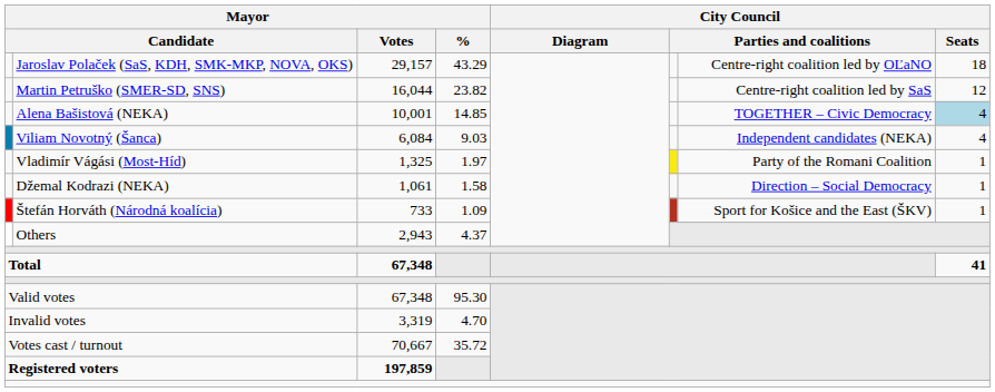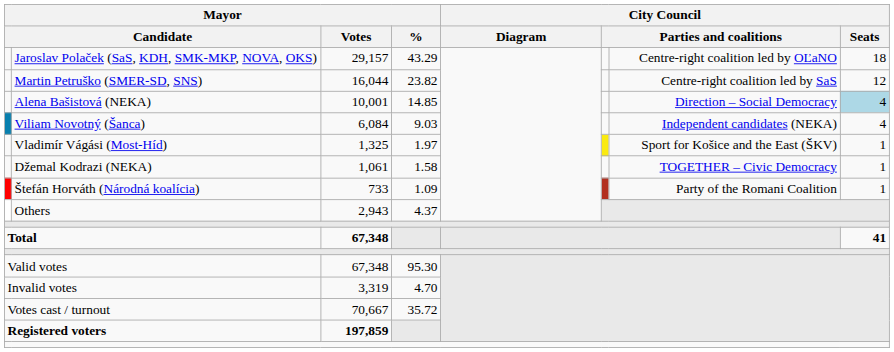 <table class="wikitable" style="text-align:right; font-size:97%;">
 <tr>
 <th colspan="4" width="500">Mayor</th>
 <th colspan="4" width="500">City Council</th>
 </tr>
 <tr>
 <th colspan="2" width="325">Candidate</th>
 <th width="75">Votes</th>
 <th width="50">%</th>
 <th width="180">Diagram</th>
 <th colspan="2" width="270">Parties and coalitions</th>
 <th width="50">Seats</th>
 </tr>
 <tr>
 <td width="1" style="color:inherit;background:"></td>
 <td align="left"><a href='#'>Jaroslav Polaček</a> (<a href='#'>SaS</a>, <a href='#'>KDH</a>, <a href='#'>SMK-MKP</a>, <a href='#'>NOVA</a>, <a href='#'>OKS</a>)</td>
 <td>29,157</td>
 <td>43.29</td>
 <td rowspan="8"></td>
 <td width="1" style="color:inherit;background:"></td>
 <td>Centre-right coalition led by <a href='#'>OĽaNO</a></td>
 <td>18</td>
 </tr>
 <tr>
 <td width="1" style="color:inherit;background:"></td>
 <td align="left"><a href='#'>Martin Petruško</a> (<a href='#'>SMER-SD</a>, <a href='#'>SNS</a>)</td>
 <td>16,044</td>
 <td>23.82</td>
 <td width="1" style="color:inherit;background:"></td>
 <td>Centre-right coalition led by <a href='#'>SaS</a></td>
 <td>12</td>
 </tr>
 <tr>
 <td width="1" style="color:inherit;background:"></td>
 <td align="left"><a href='#'>Alena Bašistová</a> (NEKA)</td>
 <td>10,001</td>
 <td>14.85</td>
 <td width="1" style="color:inherit;background:"></td>
-<td><a href='#'>TOGETHER – Civic Democracy</a></td>
+<td><a href='#'>Direction – Social Democracy</a></td>
 <td style="background: lightblue;">4</td>
 </tr>
 <tr>
 <td width="1" style="color:inherit;background:#087fae"></td>
 <td align="left"><a href='#'>Viliam Novotný</a> (<a href='#'>Šanca</a>)</td>
 <td>6,084</td>
 <td>9.03</td>
 <td width="1" style="color:inherit;background:"></td>
 <td><a href='#'>Independent candidates</a> (NEKA)</td>
 <td>4</td>
 </tr>
 <tr>
 <td width="1" style="color:inherit;background:"></td>
 <td align="left">Vladimír Vágási (<a href='#'>Most-Híd</a>)</td>
 <td>1,325</td>
 <td>1.97</td>
 <td width="1" style="color:inherit;background:#FAEA0F"></td>
-<td>Party of the Romani Coalition</td>
+<td>Sport for Košice and the East (ŠKV)</td>
 <td>1</td>
 </tr>
 <tr>
 <td width="1" style="color:inherit;background:"></td>
 <td align="left">Džemal Kodrazi (NEKA)</td>
 <td>1,061</td>
 <td>1.58</td>
 <td width="1" style="color:inherit;background:"></td>
-<td><a href='#'>Direction – Social Democracy</a></td>
+<td><a href='#'>TOGETHER – Civic Democracy</a></td>
 <td>1</td>
 </tr>
 <tr>
 <td width="1" bgcolor="red"></td>
 <td align="left">Štefán Horváth (<a href='#'>Národná koalícia</a>)</td>
 <td>733</td>
 <td>1.09</td>
 <td width="1" style="color:inherit;background:#B23020"></td>
-<td>Sport for Košice and the East (ŠKV)</td>
+<td>Party of the Romani Coalition</td>
 <td>1</td>
 </tr>
 <tr>
 <td width="1" bgcolor="white"></td>
 <td align="left">Others</td>
 <td>2,943</td>
 <td>4.37</td>
 <td colspan="3" bgcolor="#E9E9E9"></td>
 </tr>
 <tr>
 <td colspan="8" bgcolor="#E9E9E9"></td>
 </tr>
 <tr>
 <td align="left" colspan="2"><strong>Total</strong></td>
 <td><strong>67,348</strong></td>
 <td style="color:inherit;background:#E9E9E9"></td>
 <td colspan="3" bgcolor="#E9E9E9"></td>
 <td><strong>41</strong></td>
 </tr>
 <tr>
 <td colspan="8" bgcolor="#E9E9E9"></td>
 </tr>
 <tr>
 <td align="left" colspan="2">Valid votes</td>
 <td>67,348</td>
 <td>95.30</td>
 <td bgcolor="#E9E9E9" rowspan="4" colspan="4"></td>
 </tr>
 <tr>
 <td align="left" colspan="2">Invalid votes</td>
 <td>3,319</td>
 <td>4.70</td>
 </tr>
 <tr>
 <td align="left" colspan="2">Votes cast / turnout</td>
 <td>70,667</td>
 <td>35.72</td>
 </tr>
 <tr style="font-weight:bold;">
 <td align="left" colspan="2">Registered voters</td>
 <td>197,859</td>
 <td bgcolor="#E9E9E9"></td>
 </tr>
 <tr>
 <td colspan="8"></td>
 </tr>
 </table>
